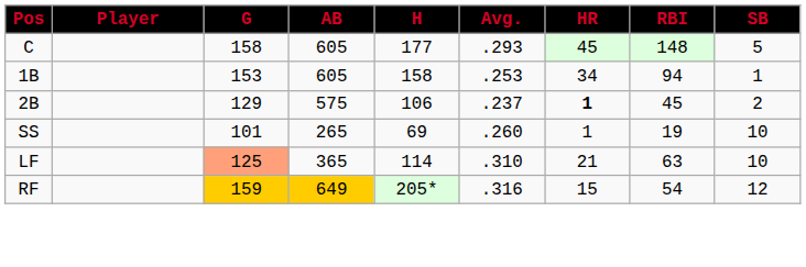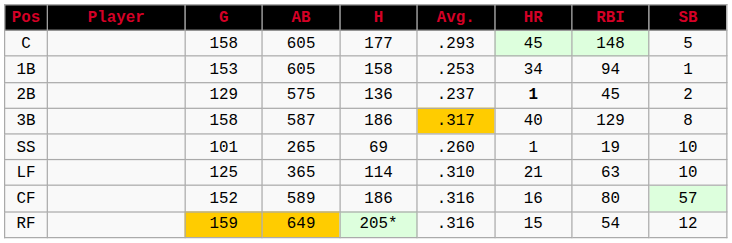 <table class="wikitable sortable">
 <tr>
 <th style="background:black;color:#d40026;" width="5%">Pos</th>
 <th style="background:black;color:#d40026;" width="16%">Player</th>
 <th style="background:black;color:#d40026;" width="9%">G</th>
 <th style="background:black;color:#d40026;" width="9%">AB</th>
 <th style="background:black;color:#d40026;" width="9%">H</th>
 <th style="background:black;color:#d40026;" width="9%">Avg.</th>
 <th style="background:black;color:#d40026;" width="9%">HR</th>
 <th style="background:black;color:#d40026;" width="9%">RBI</th>
 <th style="background:black;color:#d40026;" width="9%">SB</th>
 </tr>
 <tr align="center">
 <td>C</td>
 <td></td>
 <td>158</td>
 <td>605</td>
 <td>177</td>
 <td>.293</td>
 <td style="background:#DDFFDD;">45</td>
 <td style="background:#DDFFDD;">148</td>
 <td>5</td>
 </tr>
 <tr align="center">
 <td>1B</td>
 <td></td>
 <td>153</td>
 <td>605</td>
 <td>158</td>
 <td>.253</td>
 <td>34</td>
 <td>94</td>
 <td>1</td>
 </tr>
 <tr align="center">
 <td>2B</td>
 <td></td>
 <td>129</td>
 <td>575</td>
-<td>106</td>
+<td>136</td>
 <td>.237</td>
 <td><strong>1</strong></td>
 <td>45</td>
 <td>2</td>
+</tr>
+<tr align="center">
+<td>3B</td>
+<td></td>
+<td>158</td>
+<td>587</td>
+<td>186</td>
+<td style="background:#fc0;">.317</td>
+<td>40</td>
+<td>129</td>
+<td>8</td>
 </tr>
 <tr align="center">
 <td>SS</td>
 <td></td>
 <td>101</td>
 <td>265</td>
 <td>69</td>
 <td>.260</td>
 <td>1</td>
 <td>19</td>
 <td>10</td>
 </tr>
 <tr align="center">
 <td>LF</td>
 <td></td>
-<td style="background: lightsalmon;">125</td>
+<td>125</td>
 <td>365</td>
 <td>114</td>
 <td>.310</td>
 <td>21</td>
 <td>63</td>
 <td>10</td>
+</tr>
+<tr align="center">
+<td>CF</td>
+<td></td>
+<td>152</td>
+<td>589</td>
+<td>186</td>
+<td>.316</td>
+<td>16</td>
+<td>80</td>
+<td style="background:#DDFFDD;">57</td>
 </tr>
 <tr align="center">
 <td>RF</td>
 <td></td>
 <td style="background:#fc0;">159</td>
 <td style="background:#fc0;">649</td>
 <td style="background:#DDFFDD;">205*</td>
 <td>.316</td>
 <td>15</td>
 <td>54</td>
 <td>12</td>
 </tr>
 </table>
